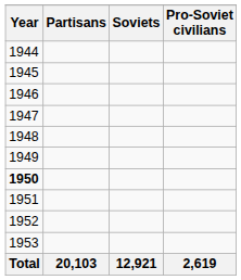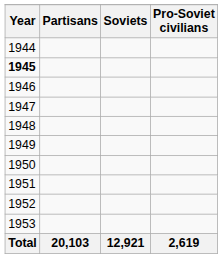 <table class="wikitable sortable" align=right>
 <tr>
 </tr>
 <tr>
 <th>Year</th>
 <th>Partisans</th>
 <th>Soviets</th>
 <th>Pro-Soviet <br>civilians</th>
 </tr>
 <tr>
 <td>1944</td>
 <td></td>
 <td></td>
 <td></td>
 </tr>
 <tr>
-<td>1945</td>
+<td><strong>1945</strong></td>
 <td></td>
 <td></td>
 <td></td>
 </tr>
 <tr>
 <td>1946</td>
 <td></td>
 <td></td>
 <td></td>
 </tr>
 <tr>
 <td>1947</td>
 <td></td>
 <td></td>
 <td></td>
 </tr>
 <tr>
 <td>1948</td>
 <td></td>
 <td></td>
 <td></td>
 </tr>
 <tr>
 <td>1949</td>
 <td></td>
 <td></td>
 <td></td>
 </tr>
 <tr>
-<td><strong>1950</strong></td>
+<td>1950</td>
 <td></td>
 <td></td>
 <td></td>
 </tr>
 <tr>
 <td>1951</td>
 <td></td>
 <td></td>
 <td></td>
 </tr>
 <tr>
 <td>1952</td>
 <td></td>
 <td></td>
 <td></td>
 </tr>
 <tr>
 <td>1953</td>
 <td></td>
 <td></td>
 <td></td>
 </tr>
 <tr>
 <th>Total</th>
 <th>20,103</th>
 <th>12,921</th>
 <th>2,619</th>
 </tr>
 </table>
